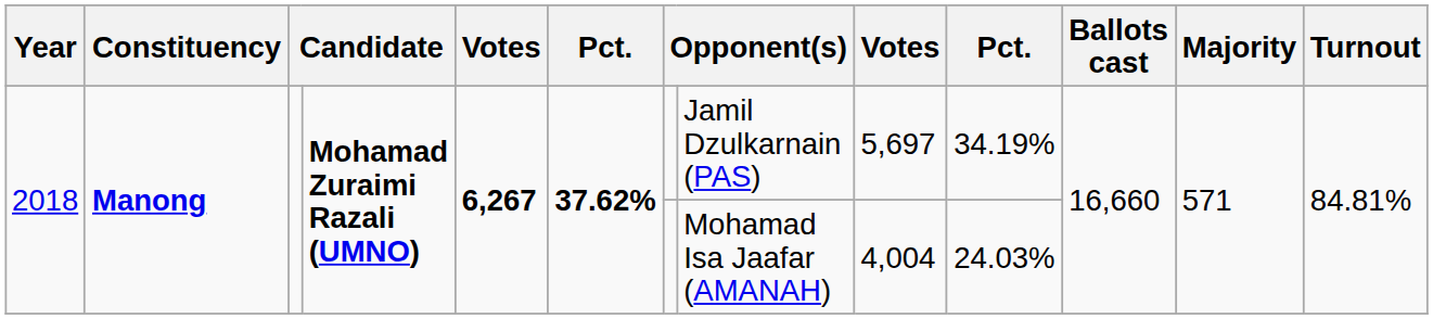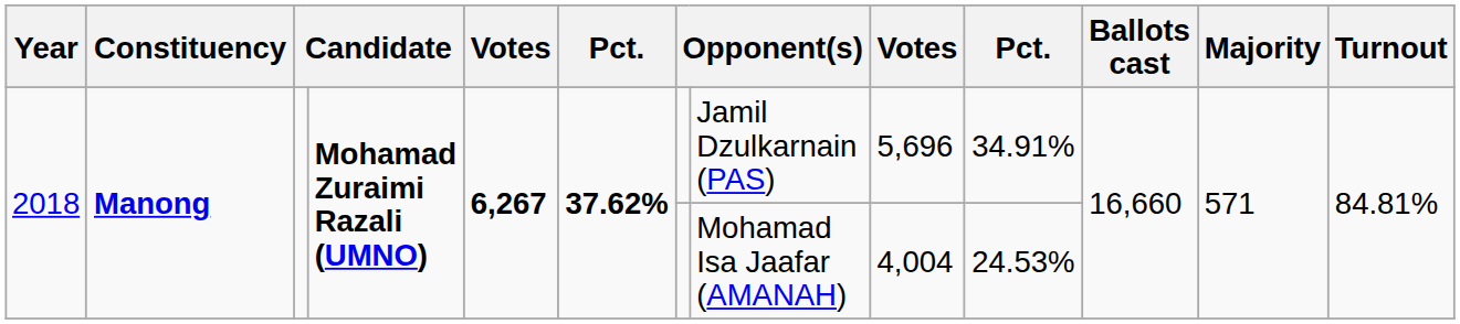 <table class="wikitable" style="margin:0.5em ; font-size:95%">
 <tr>
 <th>Year</th>
 <th>Constituency</th>
 <th colspan="2">Candidate</th>
 <th>Votes</th>
 <th>Pct.</th>
 <th colspan="2">Opponent(s)</th>
 <th>Votes</th>
 <th>Pct.</th>
 <th>Ballots cast</th>
 <th>Majority</th>
 <th>Turnout</th>
 </tr>
 <tr>
 <td rowspan="2"><a href='#'>2018</a></td>
 <td rowspan="2"><a href='#'><strong>Manong</strong></a></td>
 <td rowspan="2" ></td>
 <td rowspan="2"><strong>Mohamad Zuraimi Razali (<a href='#'>UMNO</a>)</strong></td>
 <td rowspan="2"><strong>6,267</strong></td>
 <td rowspan="2"><strong>37.62%</strong></td>
 <td></td>
 <td>Jamil Dzulkarnain (<a href='#'>PAS</a>)</td>
-<td>5,697</td>
-<td>34.19%</td>
+<td>5,696</td>
+<td>34.91%</td>
 <td rowspan="2">16,660</td>
 <td rowspan="2">571</td>
 <td rowspan="2">84.81%</td>
 </tr>
 <tr>
 <td></td>
 <td>Mohamad Isa Jaafar (<a href='#'>AMANAH</a>)</td>
 <td>4,004</td>
-<td>24.03%</td>
+<td>24.53%</td>
 </tr>
 </table>
